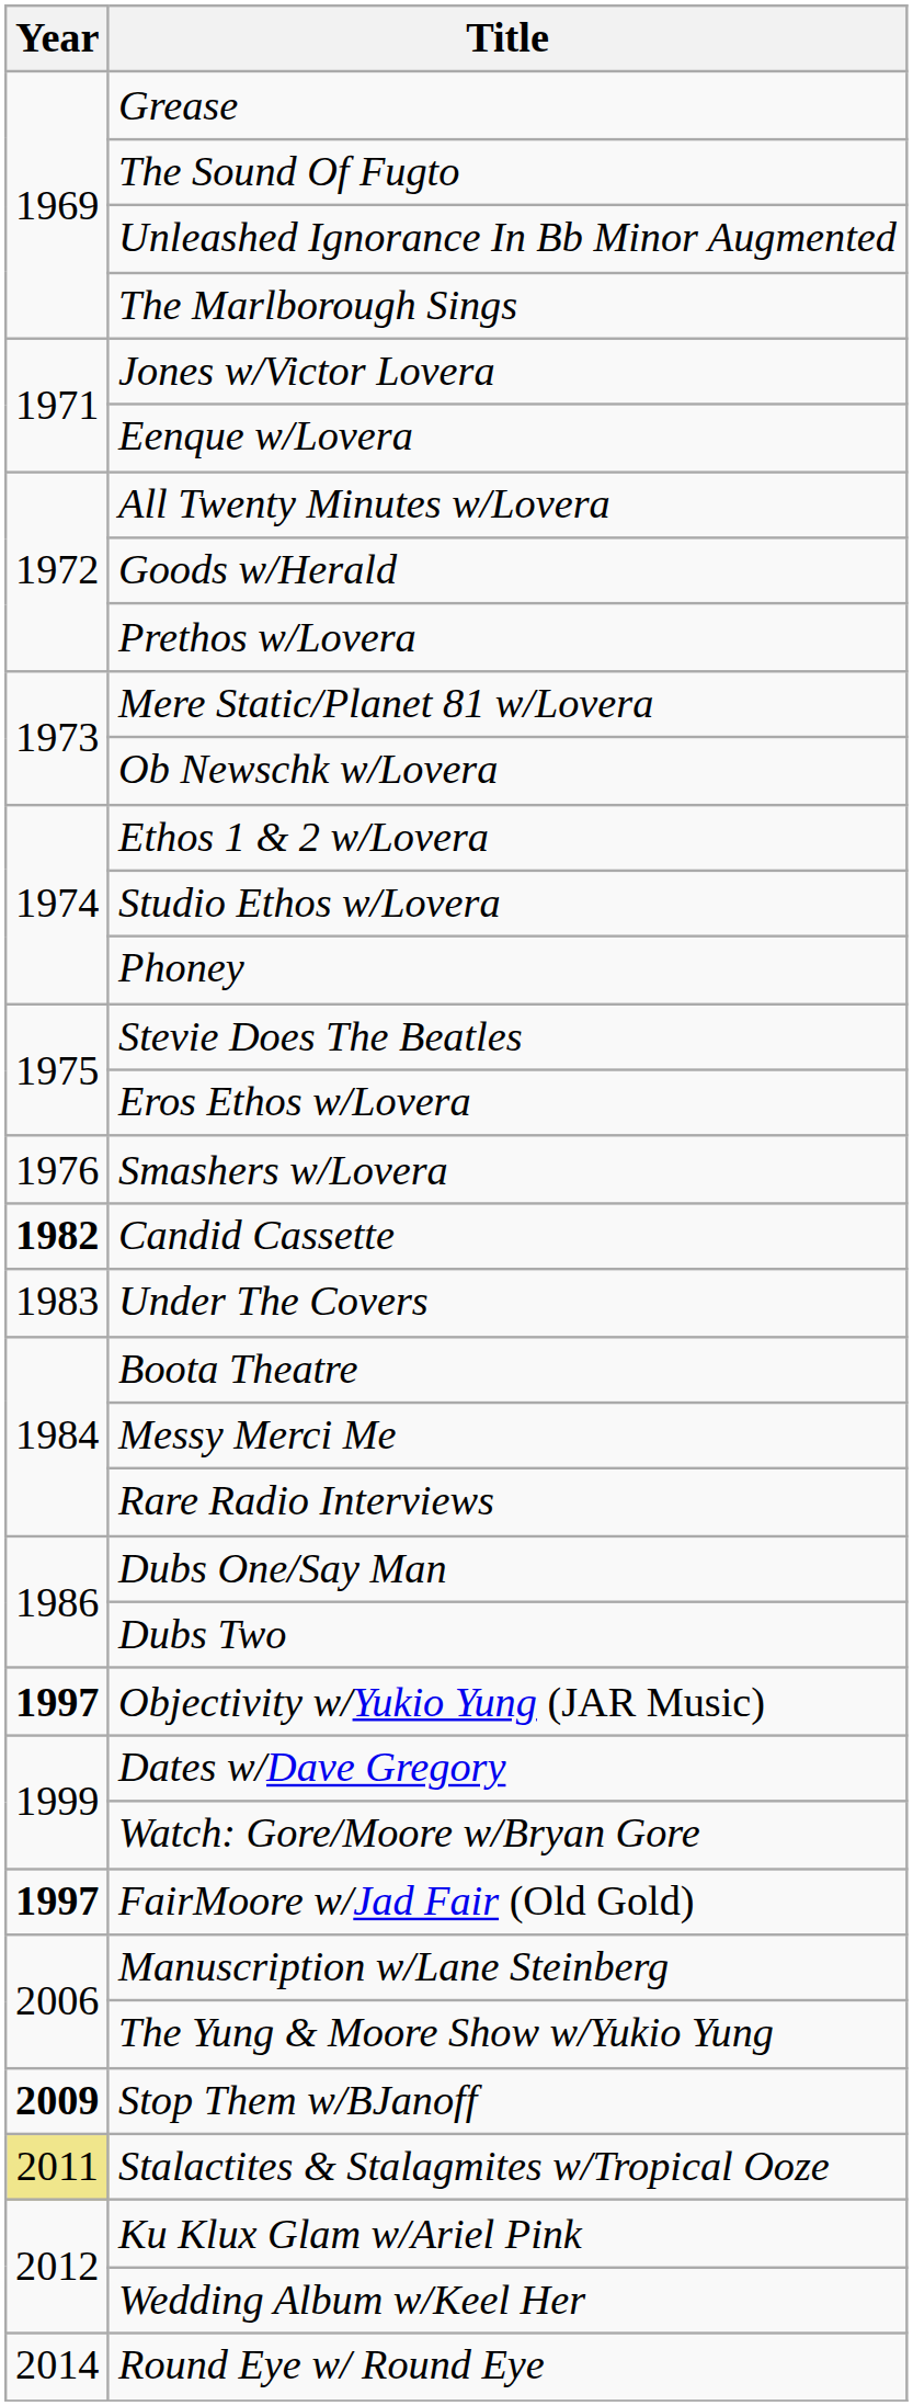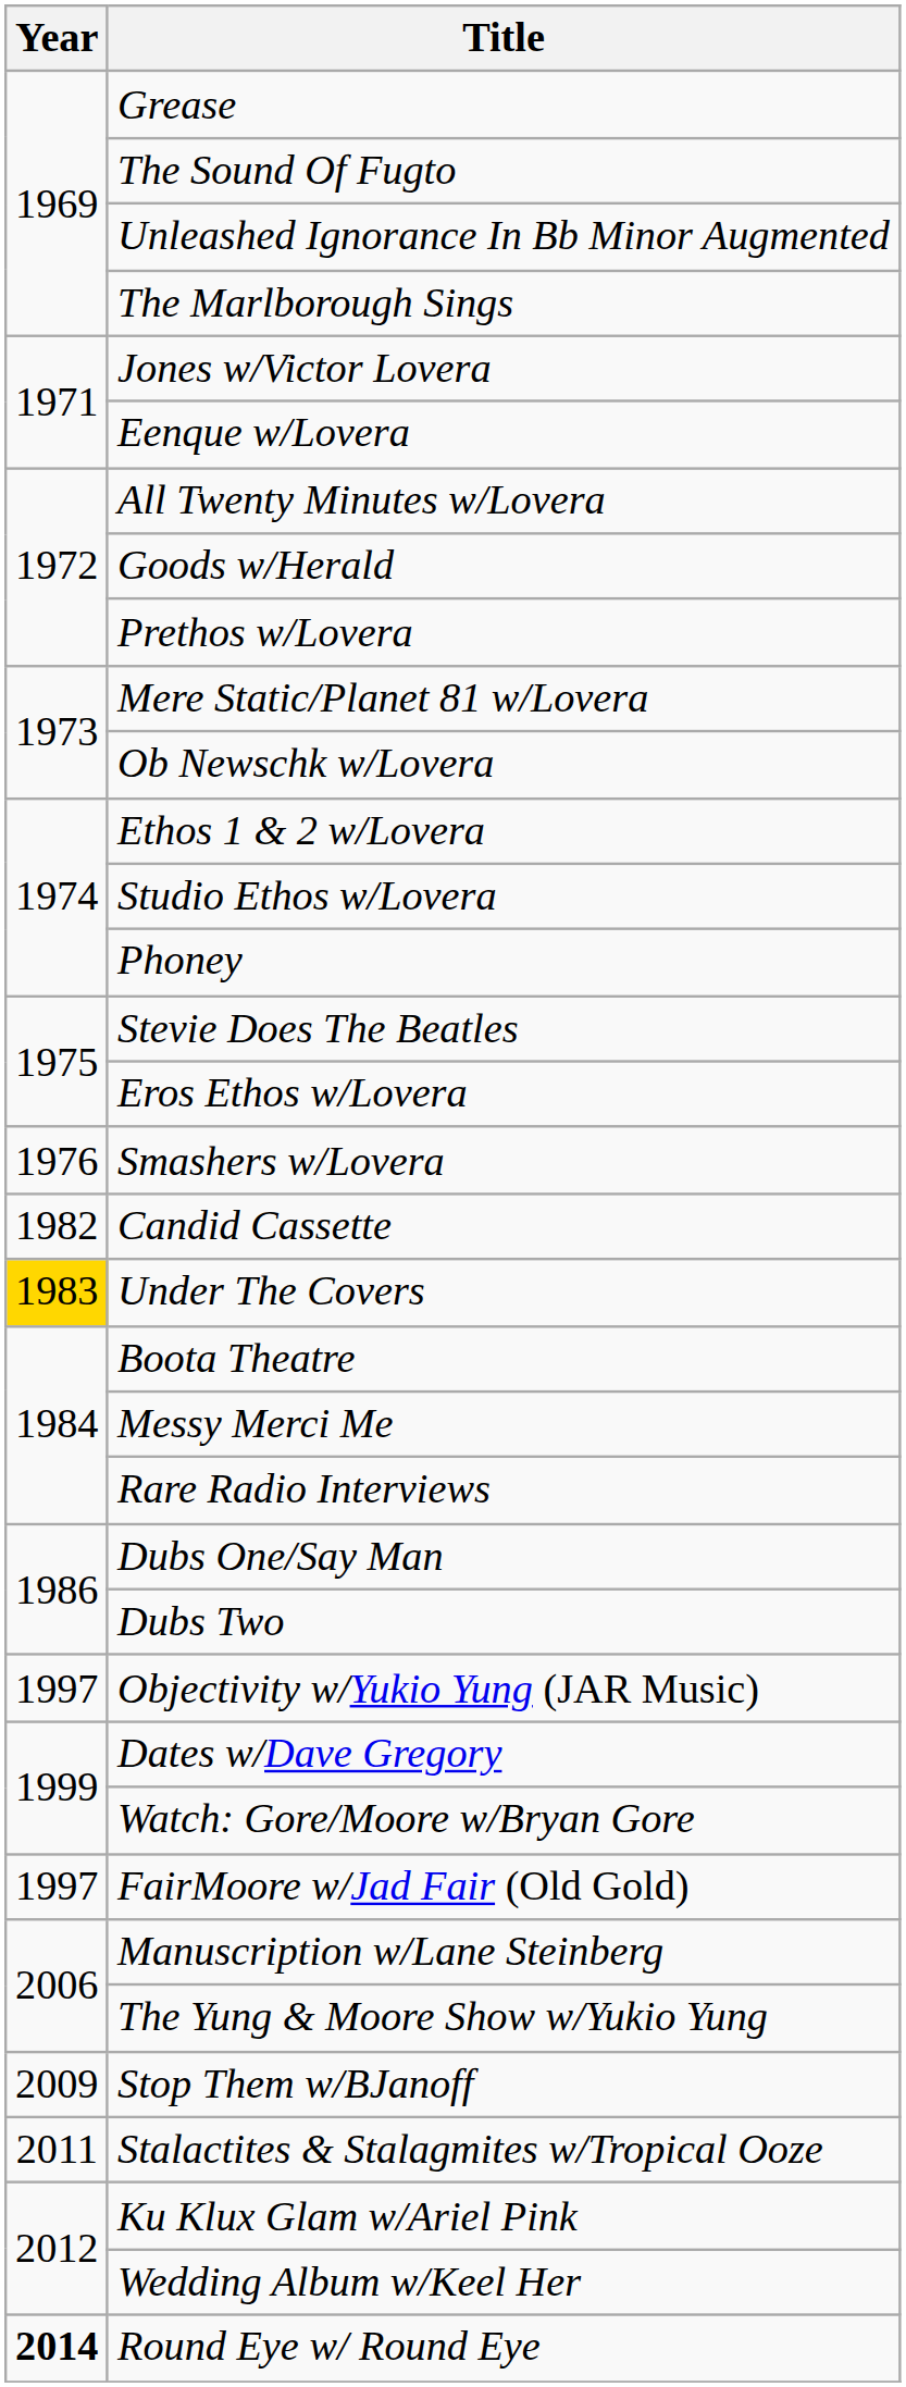 <table class="wikitable" style="text-align:center">
 <tr>
 <th>Year</th>
 <th>Title</th>
 </tr>
 <tr>
 <td rowspan="4" align="center">1969</td>
 <td align="left"><em>Grease</em></td>
 </tr>
 <tr>
 <td align="left"><em>The Sound Of Fugto</em></td>
 </tr>
 <tr>
 <td align="left"><em>Unleashed Ignorance In Bb Minor Augmented</em></td>
 </tr>
 <tr>
 <td align="left"><em>The Marlborough Sings</em></td>
 </tr>
 <tr>
 <td rowspan="2" align="center">1971</td>
 <td align="left"><em>Jones w/Victor Lovera</em></td>
 </tr>
 <tr>
 <td align="left"><em>Eenque w/Lovera</em></td>
 </tr>
 <tr>
 <td rowspan="3" align="center">1972</td>
 <td align="left"><em>All Twenty Minutes w/Lovera</em></td>
 </tr>
 <tr>
 <td align="left"><em>Goods w/Herald</em></td>
 </tr>
 <tr>
 <td align="left"><em>Prethos w/Lovera</em></td>
 </tr>
 <tr>
 <td rowspan="2" align="center">1973</td>
 <td align="left"><em>Mere Static/Planet 81 w/Lovera</em></td>
 </tr>
 <tr>
 <td align="left"><em>Ob Newschk w/Lovera</em></td>
 </tr>
 <tr>
 <td rowspan="3" align="center">1974</td>
 <td align="left"><em>Ethos 1 & 2 w/Lovera</em></td>
 </tr>
 <tr>
 <td align="left"><em>Studio Ethos w/Lovera</em></td>
 </tr>
 <tr>
 <td align="left"><em>Phoney</em></td>
 </tr>
 <tr>
 <td rowspan="2" align="center">1975</td>
 <td align="left"><em>Stevie Does The Beatles</em></td>
 </tr>
 <tr>
 <td align="left"><em>Eros Ethos w/Lovera</em></td>
 </tr>
 <tr>
 <td align="center">1976</td>
 <td align="left"><em>Smashers w/Lovera</em></td>
 </tr>
 <tr>
-<td align="center"><strong>1982</strong></td>
+<td align="center">1982</td>
 <td align="left"><em>Candid Cassette</em></td>
 </tr>
 <tr>
-<td align="center">1983</td>
+<td align="center" style="background: gold;">1983</td>
 <td align="left"><em>Under The Covers</em></td>
 </tr>
 <tr>
 <td rowspan="3" align="center">1984</td>
 <td align="left"><em>Boota Theatre</em></td>
 </tr>
 <tr>
 <td align="left"><em>Messy Merci Me</em></td>
 </tr>
 <tr>
 <td align="left"><em>Rare Radio Interviews</em></td>
 </tr>
 <tr>
 <td rowspan="2" align="center">1986</td>
 <td align="left"><em>Dubs One/Say Man</em></td>
 </tr>
 <tr>
 <td align="left"><em>Dubs Two</em></td>
 </tr>
 <tr>
-<td align="center"><strong>1997</strong></td>
+<td align="center">1997</td>
 <td align="left"><em>Objectivity w/<a href='#'>Yukio Yung</a></em> (JAR Music)</td>
 </tr>
 <tr>
 <td rowspan="2" align="center">1999</td>
 <td align="left"><em>Dates w/<a href='#'>Dave Gregory</a></em></td>
 </tr>
 <tr>
 <td align="left"><em>Watch: Gore/Moore w/Bryan Gore</em></td>
 </tr>
 <tr>
-<td align="center"><strong>1997</strong></td>
+<td align="center">1997</td>
 <td align="left"><em>FairMoore w/<a href='#'>Jad Fair</a></em> (Old Gold)</td>
 </tr>
 <tr>
 <td rowspan="2" align="center">2006</td>
 <td align="left"><em>Manuscription w/Lane Steinberg</em></td>
 </tr>
 <tr>
 <td align="left"><em>The Yung & Moore Show w/Yukio Yung</em></td>
 </tr>
 <tr>
-<td align="center"><strong>2009</strong></td>
+<td align="center">2009</td>
 <td align="left"><em>Stop Them w/BJanoff</em></td>
 </tr>
 <tr>
-<td align="center" style="background: khaki;">2011</td>
+<td align="center">2011</td>
 <td align="left"><em>Stalactites & Stalagmites w/Tropical Ooze</em></td>
 </tr>
 <tr>
 <td rowspan="2" align="center">2012</td>
 <td align="left"><em>Ku Klux Glam w/Ariel Pink</em></td>
 </tr>
 <tr>
 <td align="left"><em>Wedding Album w/Keel Her</em></td>
 </tr>
 <tr>
-<td align="center">2014</td>
+<td align="center"><strong>2014</strong></td>
 <td align="left"><em>Round Eye w/ Round Eye</em></td>
 </tr>
 <tr>
 </tr>
 </table>
